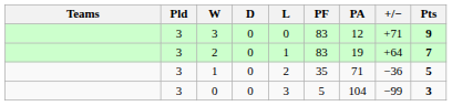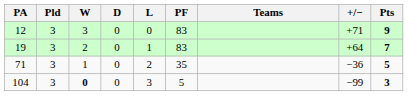 <table class="wikitable" style="text-align: center;">
 <tr>
-<th width="200">Teams</th>
+<th width="40">PA</th>
 <th width="40">Pld</th>
 <th width="40">W</th>
 <th width="40">D</th>
 <th width="40">L</th>
 <th width="40">PF</th>
-<th width="40">PA</th>
+<th width="200">Teams</th>
 <th width="40">+/−</th>
 <th width="40">Pts</th>
 </tr>
 <tr bgcolor=ccffcc>
-<td align=left></td>
+<td>12</td>
 <td>3</td>
 <td>3</td>
 <td>0</td>
 <td>0</td>
 <td>83</td>
-<td>12</td>
+<td align=left></td>
 <td>+71</td>
 <td><strong>9</strong></td>
 </tr>
 <tr bgcolor=ccffcc>
-<td align=left></td>
+<td>19</td>
 <td>3</td>
 <td>2</td>
 <td>0</td>
 <td>1</td>
 <td>83</td>
-<td>19</td>
+<td align=left></td>
 <td>+64</td>
 <td><strong>7</strong></td>
 </tr>
 <tr>
-<td align=left></td>
+<td>71</td>
 <td>3</td>
 <td>1</td>
 <td>0</td>
 <td>2</td>
 <td>35</td>
-<td>71</td>
+<td align=left></td>
 <td>−36</td>
 <td><strong>5</strong></td>
 </tr>
 <tr>
-<td align=left></td>
+<td>104</td>
 <td>3</td>
-<td>0</td>
+<td><strong>0</strong></td>
 <td>0</td>
 <td>3</td>
 <td>5</td>
-<td>104</td>
+<td align=left></td>
 <td>−99</td>
 <td><strong>3</strong></td>
 </tr>
 </table>
